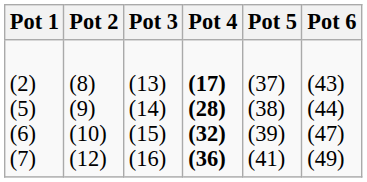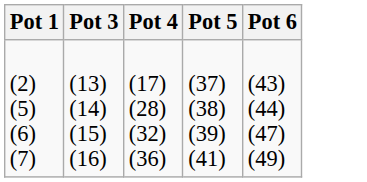 <table class="wikitable" style="white-space:nowrap">
 <tr>
 <th>Pot 1</th>
-<th>Pot 2</th>
 <th>Pot 3</th>
 <th>Pot 4</th>
 <th>Pot 5</th>
 <th>Pot 6</th>
 </tr>
 <tr>
 <td><br> (2)<br>  (5)<br>  (6)<br>  (7)</td>
-<td><br> (8)<br> <s></s> (9)<br>  (10)<br>  (12)</td>
 <td><br> (13)<br>  (14)<br>  (15)<br>  (16)</td>
-<td><strong><br> (17)<br>  (28)<br>  (32)<br>  (36)</strong></td>
+<td><br> (17)<br>  (28)<br>  (32)<br>  (36)</td>
 <td><br> (37)<br>  (38)<br>  (39)<br>  (41)</td>
 <td><br> (43)<br>  (44)<br>  (47)<br>  (49)</td>
 </tr>
 </table>
